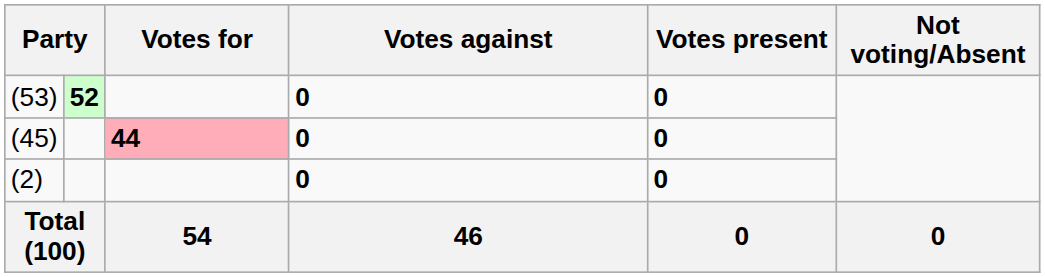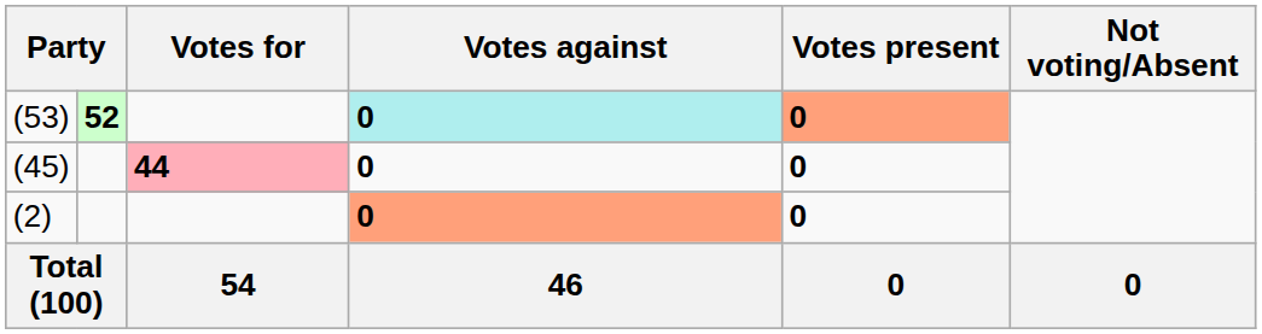 <table class="wikitable mw-collapsible mw-collapsed" style="width:50%;">
 <tr>
 <th colspan="2">Party</th>
 <th style="width:20%;">Votes for</th>
 <th style="width:40%;">Votes against</th>
 <th style="width:20%;">Votes present</th>
 <th style="width:20%;">Not voting/Absent</th>
 </tr>
 <tr>
 <td> (53)</td>
 <td style="background:#cfc;"><strong>52</strong></td>
 <td></td>
-<td><strong>0</strong></td>
-<td><strong>0</strong></td>
+<td style="background: paleturquoise;"><strong>0</strong></td>
+<td style="background: lightsalmon;"><strong>0</strong></td>
 </tr>
 <tr>
 <td> (45)</td>
 <td></td>
 <td style="background:#ffaeb9;"><strong>44</strong></td>
 <td><strong>0</strong></td>
 <td><strong>0</strong></td>
 </tr>
 <tr>
 <td> (2)</td>
 <td></td>
 <td></td>
-<td><strong>0</strong></td>
+<td style="background: lightsalmon;"><strong>0</strong></td>
 <td><strong>0</strong></td>
 </tr>
 <tr>
 <th colspan="2">Total (100)</th>
 <th><strong>54</strong></th>
 <th>46</th>
 <th>0</th>
 <th>0</th>
 </tr>
 </table>
